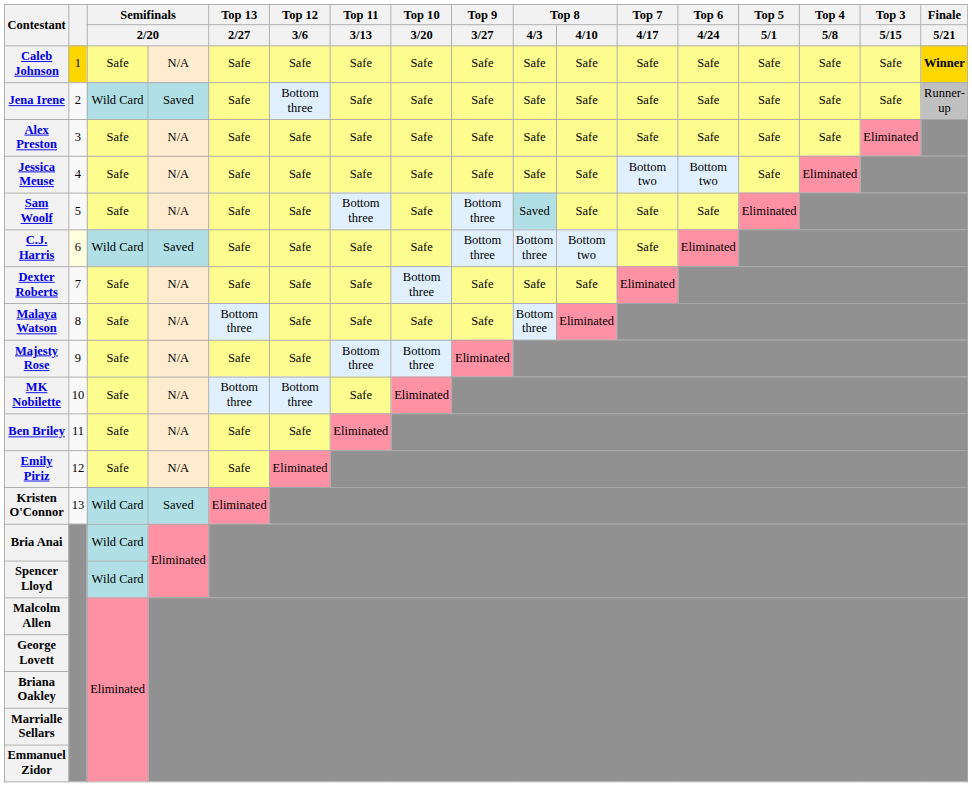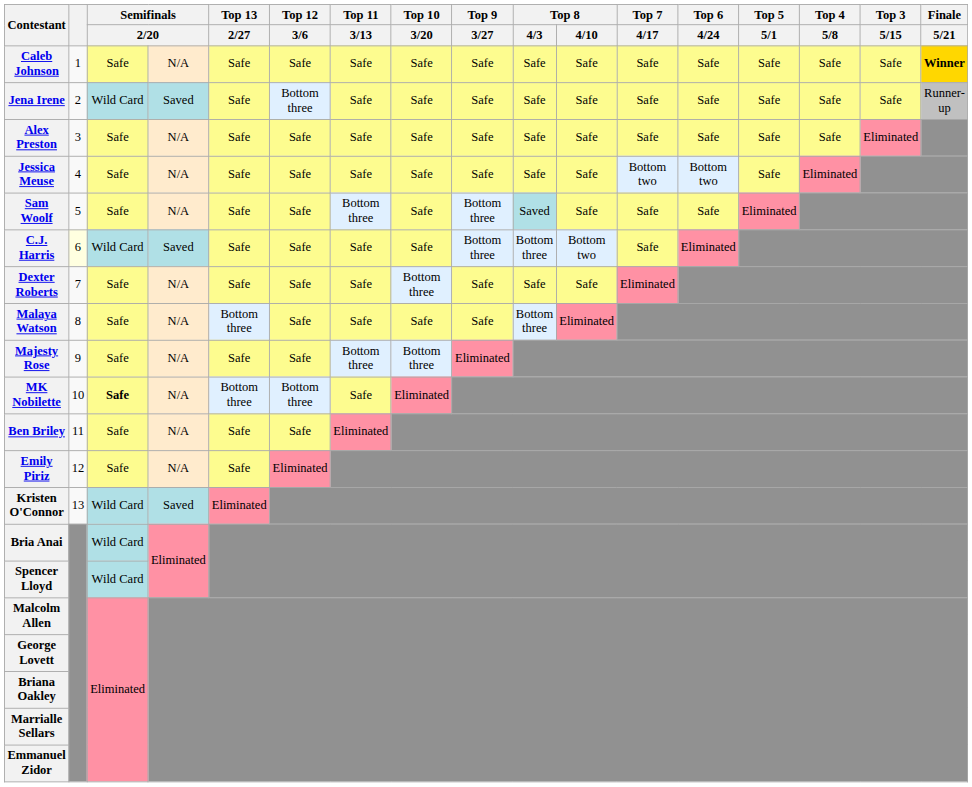 <table class="wikitable" style="text-align:center; font-size:85%;">
 <tr>
 <th scope="col" rowspan="2">Contestant</th>
 <th scope="col" rowspan="2"></th>
 <th scope="col" colspan=2 style="width:7%;">Semifinals</th>
 <th scope="col" style="width:7%;">Top 13</th>
 <th scope="col" style="width:7%;">Top 12</th>
 <th scope="col" style="width:7%;">Top 11</th>
 <th scope="col" style="width:7%;">Top 10</th>
 <th scope="col" style="width:7%;">Top 9</th>
 <th scope="col" colspan=2 style="width:7%;">Top 8</th>
 <th scope="col" style="width:7%;">Top 7</th>
 <th scope="col" style="width:7%;">Top 6</th>
 <th scope="col" style="width:7%;">Top 5</th>
 <th scope="col" style="width:7%;">Top 4</th>
 <th scope="col" style="width:7%;">Top 3</th>
 <th scope="col" style="width:7%;">Finale</th>
 </tr>
 <tr>
 <th colspan=2>2/20</th>
 <th>2/27</th>
 <th>3/6</th>
 <th>3/13</th>
 <th>3/20</th>
 <th>3/27</th>
 <th>4/3</th>
 <th>4/10</th>
 <th>4/17</th>
 <th>4/24</th>
 <th>5/1</th>
 <th>5/8</th>
 <th>5/15</th>
 <th>5/21</th>
 </tr>
 <tr style="height:40px">
 <th scope="row"><a href='#'>Caleb Johnson</a></th>
-<td style="background: gold;">1</td>
+<td>1</td>
 <td style="background:#FDFC8F;">Safe</td>
 <td style="background:#FFEBCD;">N/A</td>
 <td style="background:#FDFC8F;">Safe</td>
 <td style="background:#FDFC8F;">Safe</td>
 <td style="background:#FDFC8F;">Safe</td>
 <td style="background:#FDFC8F;">Safe</td>
 <td style="background:#FDFC8F;">Safe</td>
 <td style="background:#FDFC8F;">Safe</td>
 <td style="background:#FDFC8F;">Safe</td>
 <td style="background:#FDFC8F;">Safe</td>
 <td style="background:#FDFC8F;">Safe</td>
 <td style="background:#FDFC8F;">Safe</td>
 <td style="background:#FDFC8F;">Safe</td>
 <td style="background:#FDFC8F;">Safe</td>
 <td style="background:gold;"><strong>Winner</strong></td>
 </tr>
 <tr style="height:40px">
 <th scope="row"><a href='#'>Jena Irene</a></th>
 <td>2</td>
 <td style="background:#B0E0E6;">Wild Card</td>
 <td style="background:#B0E0E6;">Saved</td>
 <td style="background:#FDFC8F;">Safe</td>
 <td style="background:#e0f0ff">Bottom three</td>
 <td style="background:#FDFC8F;">Safe</td>
 <td style="background:#FDFC8F;">Safe</td>
 <td style="background:#FDFC8F;">Safe</td>
 <td style="background:#FDFC8F;">Safe</td>
 <td style="background:#FDFC8F;">Safe</td>
 <td style="background:#FDFC8F;">Safe</td>
 <td style="background:#FDFC8F;">Safe</td>
 <td style="background:#FDFC8F;">Safe</td>
 <td style="background:#FDFC8F;">Safe</td>
 <td style="background:#FDFC8F;">Safe</td>
 <td style="background:silver;">Runner-up</td>
 </tr>
 <tr style="height:40px">
 <th scope="row"><a href='#'>Alex Preston</a></th>
 <td>3</td>
 <td style="background:#FDFC8F;">Safe</td>
 <td style="background:#FFEBCD;">N/A</td>
 <td style="background:#FDFC8F;">Safe</td>
 <td style="background:#FDFC8F;">Safe</td>
 <td style="background:#FDFC8F;">Safe</td>
 <td style="background:#FDFC8F;">Safe</td>
 <td style="background:#FDFC8F;">Safe</td>
 <td style="background:#FDFC8F;">Safe</td>
 <td style="background:#FDFC8F;">Safe</td>
 <td style="background:#FDFC8F;">Safe</td>
 <td style="background:#FDFC8F;">Safe</td>
 <td style="background:#FDFC8F;">Safe</td>
 <td style="background:#FDFC8F;">Safe</td>
 <td style="background:#FF91A4">Eliminated</td>
 <td style="background:#919191"></td>
 </tr>
 <tr style="height:40px">
 <th scope="row"><a href='#'>Jessica Meuse</a></th>
 <td>4</td>
 <td style="background:#FDFC8F;">Safe</td>
 <td style="background:#FFEBCD;">N/A</td>
 <td style="background:#FDFC8F;">Safe</td>
 <td style="background:#FDFC8F;">Safe</td>
 <td style="background:#FDFC8F;">Safe</td>
 <td style="background:#FDFC8F;">Safe</td>
 <td style="background:#FDFC8F;">Safe</td>
 <td style="background:#FDFC8F;">Safe</td>
 <td style="background:#FDFC8F;">Safe</td>
 <td style="background:#e0f0ff">Bottom two</td>
 <td style="background:#e0f0ff">Bottom two</td>
 <td style="background:#FDFC8F;">Safe</td>
 <td style="background:#FF91A4">Eliminated</td>
 <td colspan=2 style="background:#919191"></td>
 </tr>
 <tr style="height:40px">
 <th scope="row"><a href='#'>Sam Woolf</a></th>
 <td>5</td>
 <td style="background:#FDFC8F;">Safe</td>
 <td style="background:#FFEBCD;">N/A</td>
 <td style="background:#FDFC8F;">Safe</td>
 <td style="background:#FDFC8F;">Safe</td>
 <td style="background:#e0f0ff">Bottom three</td>
 <td style="background:#FDFC8F;">Safe</td>
 <td style="background:#e0f0ff">Bottom three</td>
 <td style="background:#B0E0E6;">Saved</td>
 <td style="background:#FDFC8F;">Safe</td>
 <td style="background:#FDFC8F;">Safe</td>
 <td style="background:#FDFC8F;">Safe</td>
 <td style="background:#FF91A4">Eliminated</td>
 <td colspan=3 style="background:#919191"></td>
 </tr>
 <tr style="height:40px">
 <th scope="row"><a href='#'>C.J. Harris</a></th>
 <td style="background: lightyellow;">6</td>
 <td style="background:#B0E0E6;">Wild Card</td>
 <td style="background:#B0E0E6;">Saved</td>
 <td style="background:#FDFC8F;">Safe</td>
 <td style="background:#FDFC8F;">Safe</td>
 <td style="background:#FDFC8F;">Safe</td>
 <td style="background:#FDFC8F;">Safe</td>
 <td style="background:#e0f0ff">Bottom three</td>
 <td style="background:#e0f0ff">Bottom three</td>
 <td style="background:#e0f0ff">Bottom two</td>
 <td style="background:#FDFC8F;">Safe</td>
 <td style="background:#FF91A4">Eliminated</td>
 <td colspan="4" style="background:#919191"></td>
 </tr>
 <tr style="height:40px">
 <th scope="row"><a href='#'>Dexter Roberts</a></th>
 <td>7</td>
 <td style="background:#FDFC8F;">Safe</td>
 <td style="background:#FFEBCD;">N/A</td>
 <td style="background:#FDFC8F;">Safe</td>
 <td style="background:#FDFC8F;">Safe</td>
 <td style="background:#FDFC8F;">Safe</td>
 <td style="background:#e0f0ff">Bottom three</td>
 <td style="background:#FDFC8F;">Safe</td>
 <td style="background:#FDFC8F;">Safe</td>
 <td style="background:#FDFC8F;">Safe</td>
 <td style="background:#FF91A4">Eliminated</td>
 <td colspan="5" style="background:#919191"></td>
 </tr>
 <tr style="height:40px">
 <th scope="row"><a href='#'>Malaya Watson</a></th>
 <td>8</td>
 <td style="background:#FDFC8F;">Safe</td>
 <td style="background:#FFEBCD;">N/A</td>
 <td style="background:#e0f0ff">Bottom three</td>
 <td style="background:#FDFC8F;">Safe</td>
 <td style="background:#FDFC8F;">Safe</td>
 <td style="background:#FDFC8F;">Safe</td>
 <td style="background:#FDFC8F;">Safe</td>
 <td style="background:#e0f0ff">Bottom three</td>
 <td style="background:#FF91A4">Eliminated</td>
 <td colspan="6" style="background:#919191"></td>
 </tr>
 <tr style="height:40px">
 <th scope="row"><a href='#'>Majesty Rose</a></th>
 <td>9</td>
 <td style="background:#FDFC8F;">Safe</td>
 <td style="background:#FFEBCD;">N/A</td>
 <td style="background:#FDFC8F;">Safe</td>
 <td style="background:#FDFC8F;">Safe</td>
 <td style="background:#e0f0ff">Bottom three</td>
 <td style="background:#e0f0ff">Bottom three</td>
 <td style="background:#FF91A4">Eliminated</td>
 <td colspan="8" style="background:#919191"></td>
 </tr>
 <tr style="height:40px">
 <th scope="row"><a href='#'>MK Nobilette</a></th>
 <td>10</td>
-<td style="background:#FDFC8F;">Safe</td>
+<td style="background:#FDFC8F;"><strong>Safe</strong></td>
 <td style="background:#FFEBCD;">N/A</td>
 <td style="background:#e0f0ff">Bottom three</td>
 <td style="background:#e0f0ff">Bottom three</td>
 <td style="background:#FDFC8F;">Safe</td>
 <td style="background:#FF91A4">Eliminated</td>
 <td colspan="9" style="background:#919191"></td>
 </tr>
 <tr style="height:40px">
 <th scope="row"><a href='#'>Ben Briley</a></th>
 <td>11</td>
 <td style="background:#FDFC8F;">Safe</td>
 <td style="background:#FFEBCD;">N/A</td>
 <td style="background:#FDFC8F;">Safe</td>
 <td style="background:#FDFC8F;">Safe</td>
 <td style="background:#FF91A4">Eliminated</td>
 <td colspan="10" style="background:#919191"></td>
 </tr>
 <tr style="height:40px">
 <th scope="row"><a href='#'>Emily Piriz</a></th>
 <td>12</td>
 <td style="background:#FDFC8F;">Safe</td>
 <td style="background:#FFEBCD;">N/A</td>
 <td style="background:#FDFC8F;">Safe</td>
 <td style="background:#FF91A4">Eliminated</td>
 <td colspan="11" style="background:#919191"></td>
 </tr>
 <tr style="height:40px">
 <th scope="row">Kristen O'Connor</th>
 <td>13</td>
 <td style="background:#B0E0E6;">Wild Card</td>
 <td style="background:#B0E0E6;">Saved</td>
 <td style="background:#FF91A4">Eliminated</td>
 <td colspan="12" style="background:#919191"></td>
 </tr>
 <tr style="height:40px">
 <th scope="row">Bria Anai</th>
 <td rowspan="7" bgcolor="919191"></td>
 <td style="background:#B0E0E6;">Wild Card</td>
 <td rowspan="2" style="background:#FF91A4">Eliminated</td>
 <td colspan="13" rowspan="2" style="background:#919191"></td>
 </tr>
 <tr style="height:40px">
 <th scope="row">Spencer Lloyd</th>
 <td style="background:#B0E0E6;">Wild Card</td>
 </tr>
 <tr style="height:40px">
 <th scope="row">Malcolm Allen</th>
 <td rowspan=5 style="background:#FF91A4">Eliminated</td>
 <td colspan="14" rowspan="5" style="background:#919191"></td>
 </tr>
 <tr style="height:40px">
 <th scope="row">George Lovett</th>
 </tr>
 <tr style="height:40px">
 <th scope="row">Briana Oakley</th>
 </tr>
 <tr style="height:40px">
 <th scope="row">Marrialle Sellars</th>
 </tr>
 <tr style="height:40px">
 <th scope="row">Emmanuel Zidor</th>
 </tr>
 </table>
